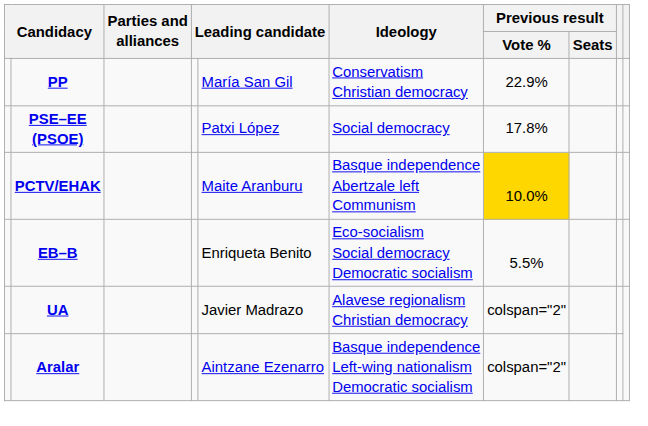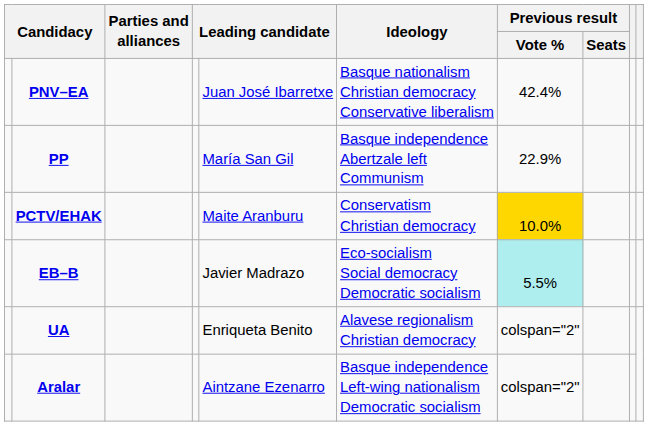 <table class="wikitable" style="line-height:1.35em; text-align:left;">
 <tr>
 <th colspan="2" rowspan="2">Candidacy</th>
 <th rowspan="2">Parties and<br>alliances</th>
 <th colspan="2" rowspan="2">Leading candidate</th>
 <th rowspan="2">Ideology</th>
 <th colspan="2">Previous result</th>
 <th rowspan="2"></th>
 <th rowspan="2"></th>
 </tr>
 <tr>
 <th>Vote %</th>
 <th>Seats</th>
 </tr>
 <tr>
+<td width="1" style="color:inherit;background:"></td>
+<td align="center"><strong><a href='#'>PNV–EA</a></strong></td>
+<td></td>
+<td></td>
+<td><a href='#'>Juan José Ibarretxe</a></td>
+<td><a href='#'>Basque nationalism</a><br><a href='#'>Christian democracy</a><br><a href='#'>Conservative liberalism</a></td>
+<td align="center">42.4%</td>
+<td></td>
+<td></td>
+<td></td>
+</tr>
+<tr>
 <td style="color:inherit;background:"></td>
 <td align="center"><strong><a href='#'>PP</a></strong></td>
 <td></td>
 <td></td>
 <td><a href='#'>María San Gil</a></td>
-<td><a href='#'>Conservatism</a><br><a href='#'>Christian democracy</a></td>
+<td><a href='#'>Basque independence</a><br><a href='#'>Abertzale left</a><br><a href='#'>Communism</a></td>
 <td align="center">22.9%</td>
 <td></td>
 <td></td>
 <td><br><br></td>
 </tr>
 <tr>
 <td style="color:inherit;background:"></td>
-<td align="center"><strong><a href='#'>PSE–EE<br>(PSOE)</a></strong></td>
-<td></td>
-<td></td>
-<td><a href='#'>Patxi López</a></td>
-<td><a href='#'>Social democracy</a></td>
-<td align="center">17.8%</td>
-<td></td>
-<td></td>
-<td><br></td>
-</tr>
-<tr>
-<td style="color:inherit;background:"></td>
 <td align="center"><strong><a href='#'>PCTV/EHAK</a></strong></td>
 <td></td>
 <td></td>
 <td><a href='#'>Maite Aranburu</a></td>
-<td><a href='#'>Basque independence</a><br><a href='#'>Abertzale left</a><br><a href='#'>Communism</a></td>
+<td><a href='#'>Conservatism</a><br><a href='#'>Christian democracy</a></td>
 <td align="center" style="background: gold;"><br>10.0%<br></td>
 <td></td>
 <td></td>
 <td></td>
 </tr>
 <tr>
 <td style="color:inherit;background:"></td>
 <td align="center"><strong><a href='#'>EB–B</a></strong></td>
 <td></td>
 <td></td>
-<td>Enriqueta Benito</td>
+<td>Javier Madrazo</td>
 <td><a href='#'>Eco-socialism</a><br><a href='#'>Social democracy</a><br><a href='#'>Democratic socialism</a></td>
-<td align="center"><br>5.5%<br></td>
+<td align="center" style="background: paleturquoise;"><br>5.5%<br></td>
 <td></td>
 <td></td>
 <td></td>
 </tr>
 <tr>
 <td style="color:inherit;background:"></td>
 <td align="center"><strong><a href='#'>UA</a></strong></td>
 <td></td>
 <td></td>
-<td>Javier Madrazo</td>
+<td>Enriqueta Benito</td>
 <td><a href='#'>Alavese regionalism</a><br><a href='#'>Christian democracy</a></td>
 <td>colspan="2" </td>
 <td></td>
 <td></td>
 </tr>
 <tr>
 <td style="color:inherit;background:"></td>
 <td align="center"><strong><a href='#'>Aralar</a></strong></td>
 <td></td>
 <td></td>
 <td><a href='#'>Aintzane Ezenarro</a></td>
 <td><a href='#'>Basque independence</a><br><a href='#'>Left-wing nationalism</a><br><a href='#'>Democratic socialism</a></td>
 <td>colspan="2" </td>
 <td></td>
 <td></td>
 </tr>
 </table>
